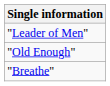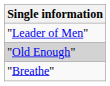 <table class="wikitable">
 <tr>
 <th>Single information</th>
 </tr>
 <tr>
 <td>"<a href='#'>Leader of Men</a>" </td>
 </tr>
 <tr>
-<td>"<a href='#'>Old Enough</a>"  </td>
+<td style="background: lightgrey;">"<a href='#'>Old Enough</a>"  </td>
 </tr>
 <tr>
 <td>"<a href='#'>Breathe</a>" </td>
 </tr>
 </table>
